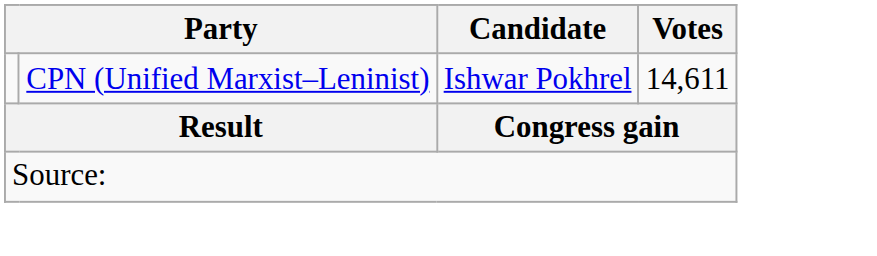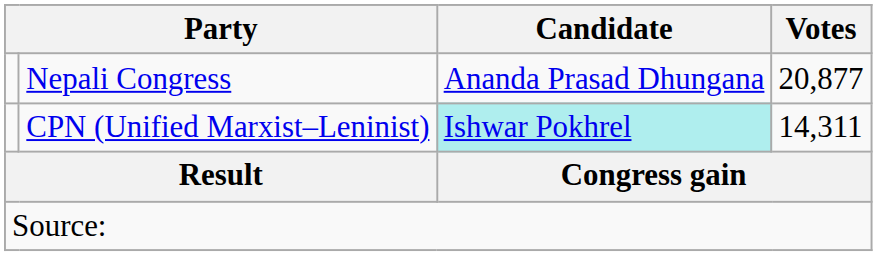 <table class="wikitable">
 <tr>
 <th colspan="2">Party</th>
 <th>Candidate</th>
 <th>Votes</th>
 </tr>
 <tr>
 <td style="background-color:"></td>
+<td><a href='#'>Nepali Congress</a></td>
+<td><a href='#'>Ananda Prasad Dhungana</a></td>
+<td>20,877</td>
+</tr>
+<tr>
+<td style="background-color:"></td>
 <td><a href='#'>CPN (Unified Marxist–Leninist)</a></td>
-<td><a href='#'>Ishwar Pokhrel</a></td>
-<td>14,611</td>
+<td style="background: paleturquoise;"><a href='#'>Ishwar Pokhrel</a></td>
+<td>14,311</td>
 </tr>
 <tr>
 <th colspan="2">Result</th>
 <th colspan="2">Congress gain</th>
 </tr>
 <tr>
 <td colspan="4">Source: </td>
 </tr>
 </table>
